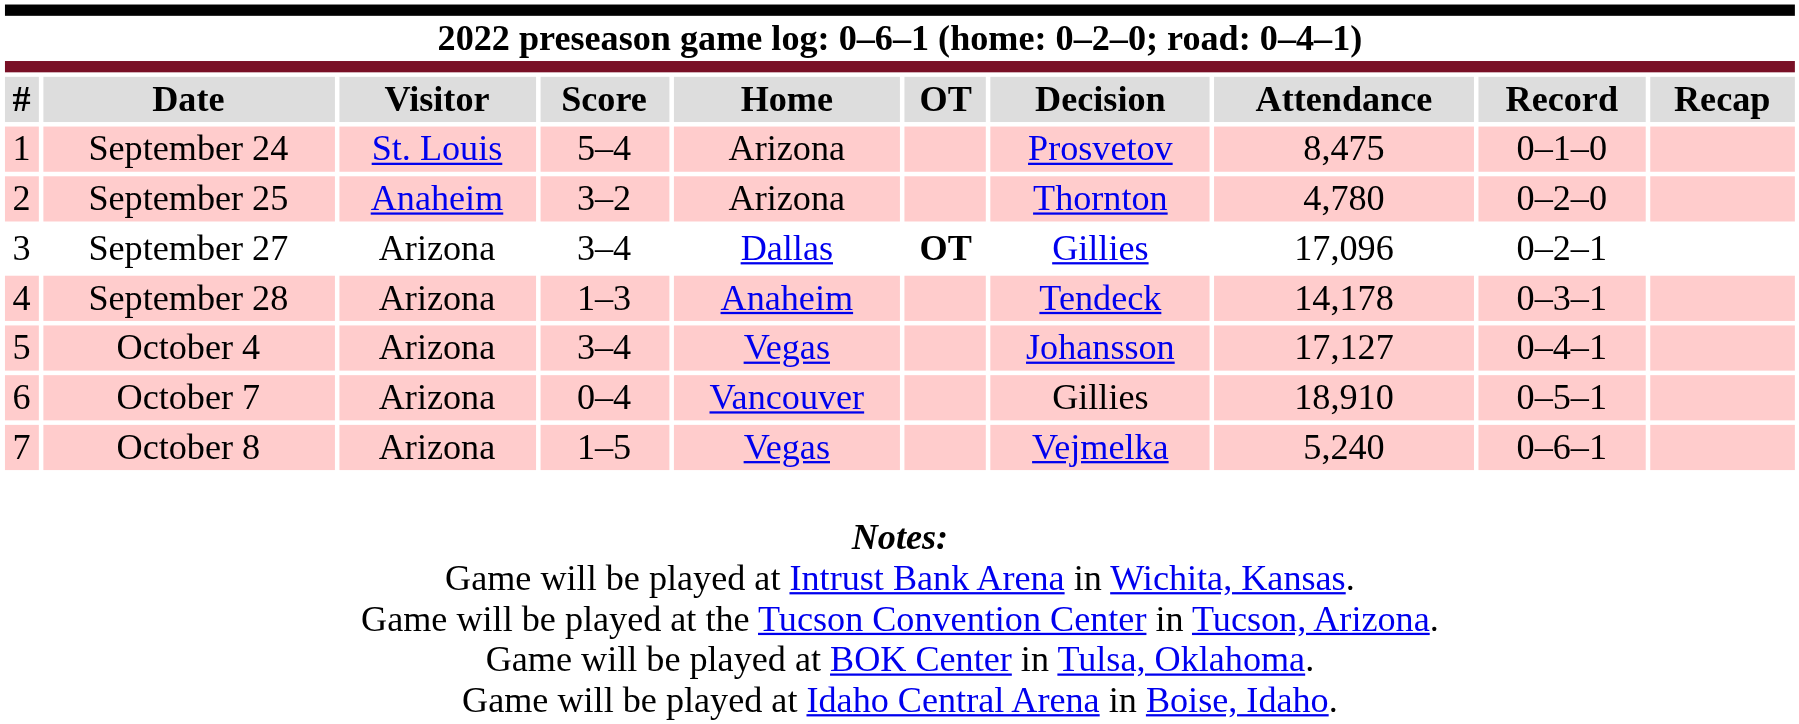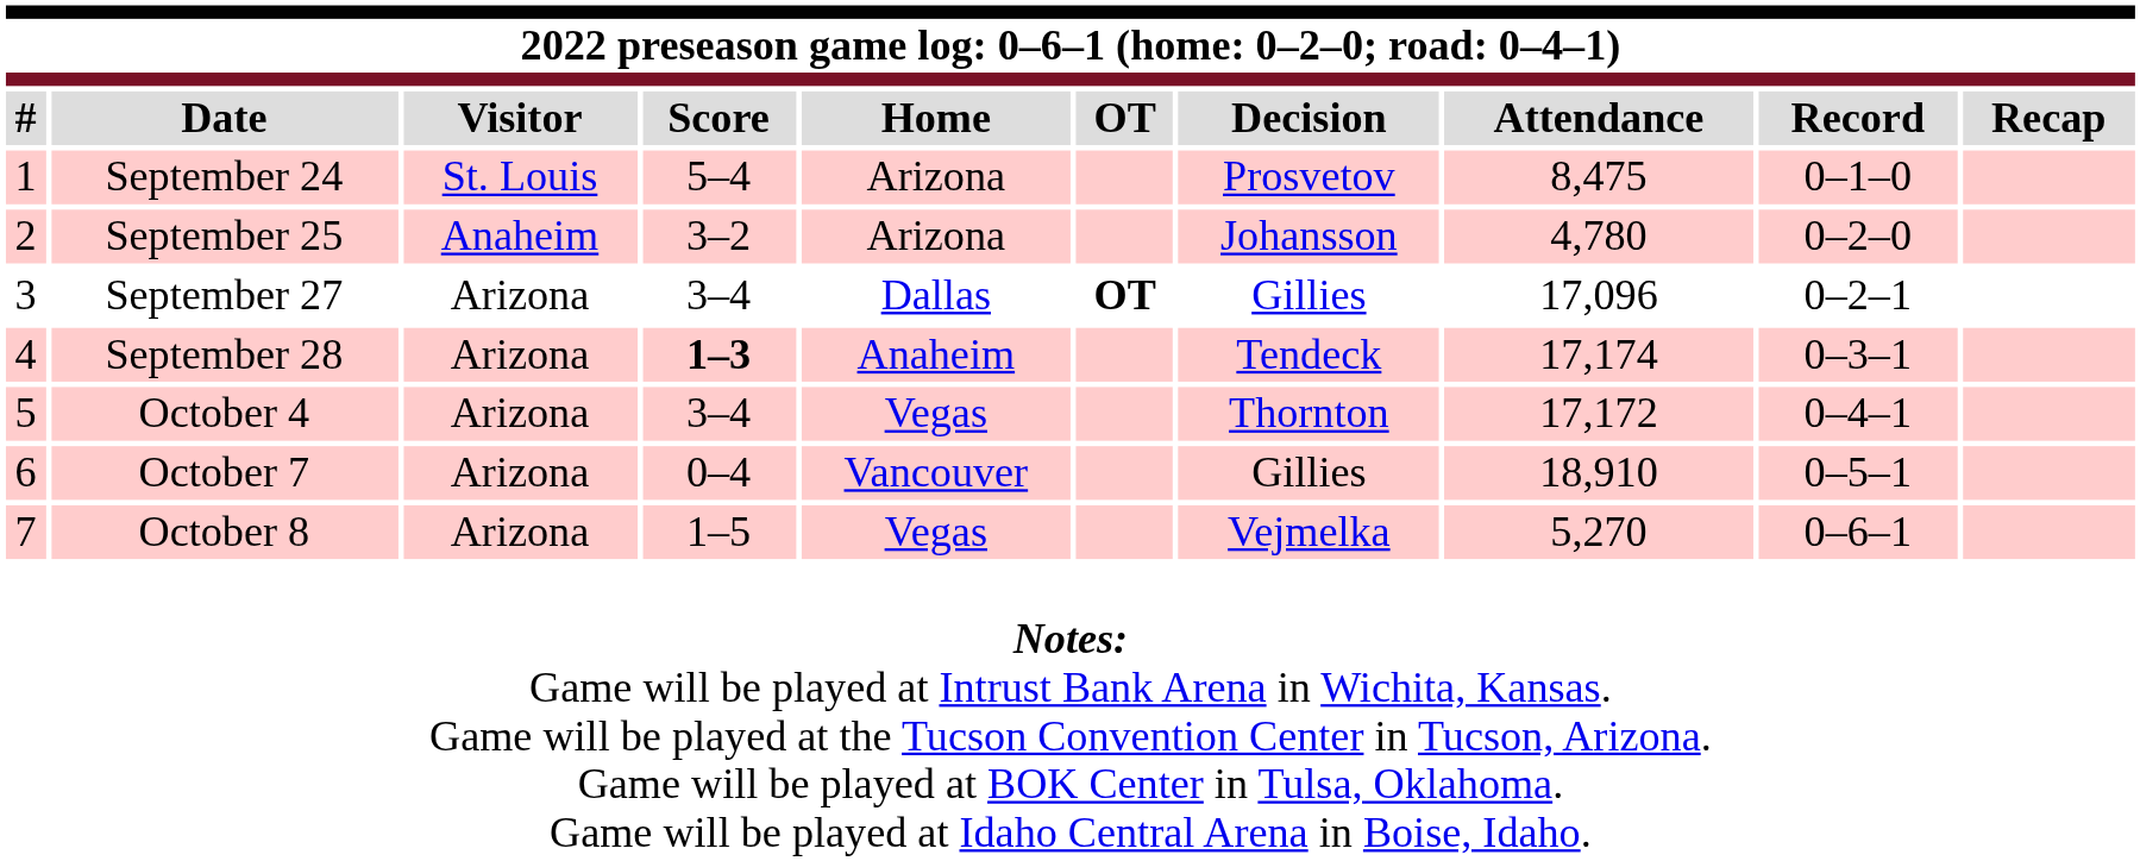 <table class="toccolours collapsible collapsed" style="width:90%; clear:both; margin:1.5em auto; text-align:center;">
 <tr>
 <th colspan=10 style="background:#FFFFFF; border-top:#010101 5px solid; border-bottom:#791026 5px solid;">2022 preseason game log: 0–6–1 (home: 0–2–0; road: 0–4–1)</th>
 </tr>
 <tr style="background:#ddd;">
 <th>#</th>
 <th>Date</th>
 <th>Visitor</th>
 <th>Score</th>
 <th>Home</th>
 <th>OT</th>
 <th>Decision</th>
 <th>Attendance</th>
 <th>Record</th>
 <th>Recap</th>
 </tr>
 <tr style="background:#fcc;">
 <td>1</td>
 <td>September 24</td>
 <td><a href='#'>St. Louis</a></td>
 <td>5–4</td>
 <td>Arizona</td>
 <td></td>
 <td><a href='#'>Prosvetov</a></td>
 <td>8,475</td>
 <td>0–1–0</td>
 <td></td>
 </tr>
 <tr style="background:#fcc;">
 <td>2</td>
 <td>September 25</td>
 <td><a href='#'>Anaheim</a></td>
 <td>3–2</td>
 <td>Arizona</td>
 <td></td>
-<td><a href='#'>Thornton</a></td>
+<td><a href='#'>Johansson</a></td>
 <td>4,780</td>
 <td>0–2–0</td>
 <td></td>
 </tr>
 <tr style="background:#fff;">
 <td>3</td>
 <td>September 27</td>
 <td>Arizona</td>
 <td>3–4</td>
 <td><a href='#'>Dallas</a></td>
 <td><strong>OT</strong></td>
 <td><a href='#'>Gillies</a></td>
 <td>17,096</td>
 <td>0–2–1</td>
 <td></td>
 </tr>
 <tr style="background:#fcc;">
 <td>4</td>
 <td>September 28</td>
 <td>Arizona</td>
-<td>1–3</td>
+<td><strong>1–3</strong></td>
 <td><a href='#'>Anaheim</a></td>
 <td></td>
 <td><a href='#'>Tendeck</a></td>
-<td>14,178</td>
+<td>17,174</td>
 <td>0–3–1</td>
 <td></td>
 </tr>
 <tr style="background:#fcc;">
 <td>5</td>
 <td>October 4</td>
 <td>Arizona</td>
 <td>3–4</td>
 <td><a href='#'>Vegas</a></td>
 <td></td>
-<td><a href='#'>Johansson</a></td>
-<td>17,127</td>
+<td><a href='#'>Thornton</a></td>
+<td>17,172</td>
 <td>0–4–1</td>
 <td></td>
 </tr>
 <tr style="background:#fcc;">
 <td>6</td>
 <td>October 7</td>
 <td>Arizona</td>
 <td>0–4</td>
 <td><a href='#'>Vancouver</a></td>
 <td></td>
 <td>Gillies</td>
 <td>18,910</td>
 <td>0–5–1</td>
 <td></td>
 </tr>
 <tr style="background:#fcc;">
 <td>7</td>
 <td>October 8</td>
 <td>Arizona</td>
 <td>1–5</td>
 <td><a href='#'>Vegas</a></td>
 <td></td>
 <td><a href='#'>Vejmelka</a></td>
-<td>5,240</td>
+<td>5,270</td>
 <td>0–6–1</td>
 <td></td>
 </tr>
 <tr>
 <td colspan="10" style="text-align:center;"><br><strong><em>Notes:</em></strong><br> Game will be played at <a href='#'>Intrust Bank Arena</a> in <a href='#'>Wichita, Kansas</a>.<br> Game will be played at the <a href='#'>Tucson Convention Center</a> in <a href='#'>Tucson, Arizona</a>.<br> Game will be played at <a href='#'>BOK Center</a> in <a href='#'>Tulsa, Oklahoma</a>.<br> Game will be played at <a href='#'>Idaho Central Arena</a> in <a href='#'>Boise, Idaho</a>.</td>
 </tr>
 </table>
